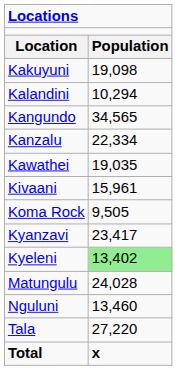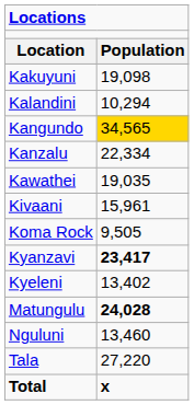 <table class="wikitable">
 <tr>
 <td colspan="2"><strong><a href='#'>Locations</a></strong></td>
 </tr>
 <tr>
 <td colspan="2"></td>
 </tr>
 <tr>
 <th>Location</th>
 <th>Population</th>
 </tr>
 <tr>
 <td><a href='#'>Kakuyuni</a></td>
 <td>19,098</td>
 </tr>
 <tr>
 <td><a href='#'>Kalandini</a></td>
 <td>10,294</td>
 </tr>
 <tr>
 <td><a href='#'>Kangundo</a></td>
-<td>34,565</td>
+<td style="background: gold;">34,565</td>
 </tr>
 <tr>
 <td><a href='#'>Kanzalu</a></td>
 <td>22,334</td>
 </tr>
 <tr>
 <td><a href='#'>Kawathei</a></td>
 <td>19,035</td>
 </tr>
 <tr>
 <td><a href='#'>Kivaani</a></td>
 <td>15,961</td>
 </tr>
 <tr>
 <td><a href='#'>Koma Rock</a></td>
 <td>9,505</td>
 </tr>
 <tr>
 <td><a href='#'>Kyanzavi</a></td>
-<td>23,417</td>
+<td><strong>23,417</strong></td>
 </tr>
 <tr>
 <td><a href='#'>Kyeleni</a></td>
-<td style="background: lightgreen;">13,402</td>
+<td>13,402</td>
 </tr>
 <tr>
 <td><a href='#'>Matungulu</a></td>
-<td>24,028</td>
+<td><strong>24,028</strong></td>
 </tr>
 <tr>
 <td><a href='#'>Nguluni</a></td>
 <td>13,460</td>
 </tr>
 <tr>
 <td><a href='#'>Tala</a></td>
 <td>27,220</td>
 </tr>
 <tr>
 <td><strong>Total</strong></td>
 <td><strong>x</strong></td>
 </tr>
 </table>
